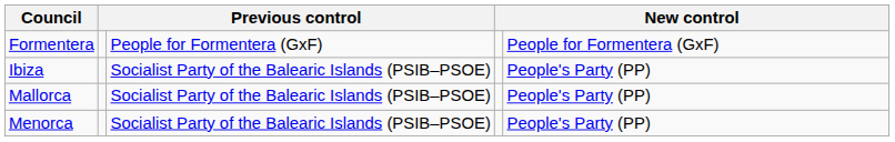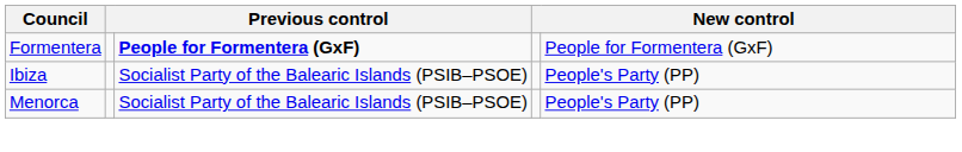 <table class="wikitable sortable">
 <tr>
 <th>Council</th>
 <th colspan="2" style="width:375px;">Previous control</th>
 <th colspan="2" style="width:375px;">New control</th>
 </tr>
 <tr>
 <td><a href='#'>Formentera</a></td>
 <td width="1" style="color:inherit;background:"></td>
-<td><a href='#'>People for Formentera</a> (GxF)</td>
+<td><strong><a href='#'>People for Formentera</a> (GxF)</strong></td>
 <td width="1" style="color:inherit;background:"></td>
 <td><a href='#'>People for Formentera</a> (GxF)</td>
 </tr>
 <tr>
 <td><a href='#'>Ibiza</a></td>
-<td style="color:inherit;background:"></td>
-<td><a href='#'>Socialist Party of the Balearic Islands</a> (PSIB–PSOE)</td>
-<td style="color:inherit;background:"></td>
-<td><a href='#'>People's Party</a> (PP)</td>
-</tr>
-<tr>
-<td><a href='#'>Mallorca</a></td>
 <td style="color:inherit;background:"></td>
 <td><a href='#'>Socialist Party of the Balearic Islands</a> (PSIB–PSOE)</td>
 <td style="color:inherit;background:"></td>
 <td><a href='#'>People's Party</a> (PP)</td>
 </tr>
 <tr>
 <td><a href='#'>Menorca</a></td>
 <td style="color:inherit;background:"></td>
 <td><a href='#'>Socialist Party of the Balearic Islands</a> (PSIB–PSOE)</td>
 <td style="color:inherit;background:"></td>
 <td><a href='#'>People's Party</a> (PP)</td>
 </tr>
 </table>
